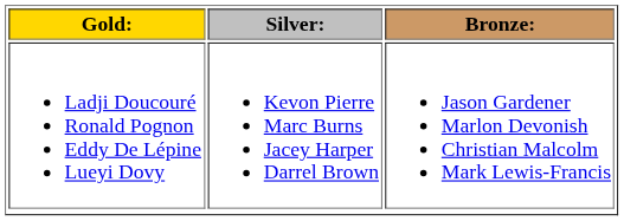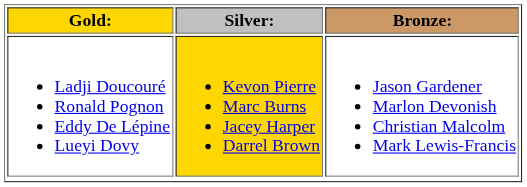 <table border="1" Cellpadding="2">
 <tr>
 <td style="text-align:center;background-color:gold;"><strong>Gold:</strong></td>
 <td style="text-align:center;background-color:silver;"><strong>Silver:</strong></td>
 <td style="text-align:center;background-color:#CC9966;"><strong>Bronze:</strong></td>
 </tr>
 <tr>
 <td><br><ul><li><a href='#'>Ladji Doucouré</a></li><li><a href='#'>Ronald Pognon</a></li><li><a href='#'>Eddy De Lépine</a></li><li><a href='#'>Lueyi Dovy</a></li></ul></td>
-<td><br><ul><li><a href='#'>Kevon Pierre</a></li><li><a href='#'>Marc Burns</a></li><li><a href='#'>Jacey Harper</a></li><li><a href='#'>Darrel Brown</a></li></ul></td>
+<td style="background: gold;"><br><ul><li><a href='#'>Kevon Pierre</a></li><li><a href='#'>Marc Burns</a></li><li><a href='#'>Jacey Harper</a></li><li><a href='#'>Darrel Brown</a></li></ul></td>
 <td><br><ul><li><a href='#'>Jason Gardener</a></li><li><a href='#'>Marlon Devonish</a></li><li><a href='#'>Christian Malcolm</a></li><li><a href='#'>Mark Lewis-Francis</a></li></ul></td>
 </tr>
 <tr>
 </tr>
 </table>
